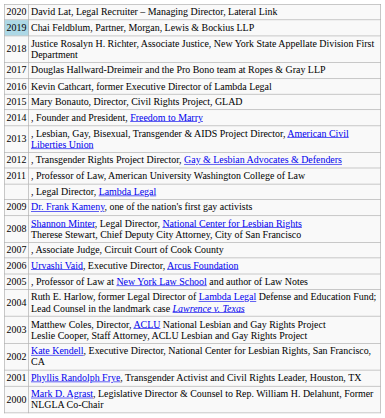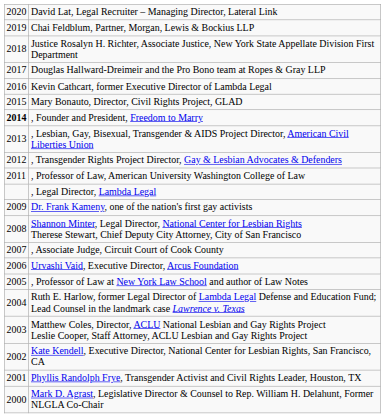 <table class="wikitable">
 <tr>
 <td>2020</td>
 <td>David Lat, Legal Recruiter – Managing Director, Lateral Link</td>
 </tr>
 <tr>
-<td style="background: lightblue;">2019</td>
+<td>2019</td>
 <td>Chai Feldblum, Partner, Morgan, Lewis & Bockius LLP</td>
 </tr>
 <tr>
 <td>2018</td>
 <td>Justice Rosalyn H. Richter, Associate Justice, New York State Appellate Division First Department</td>
 </tr>
 <tr>
 <td>2017</td>
 <td>Douglas Hallward-Dreimeir and the Pro Bono team at Ropes & Gray LLP</td>
 </tr>
 <tr>
 <td>2016</td>
 <td>Kevin Cathcart, former Executive Director of Lambda Legal</td>
 </tr>
 <tr>
 <td>2015</td>
 <td>Mary Bonauto, Director, Civil Rights Project, GLAD</td>
 </tr>
 <tr>
-<td>2014</td>
+<td><strong>2014</strong></td>
 <td>, Founder and President, <a href='#'>Freedom to Marry</a></td>
 </tr>
 <tr>
 <td>2013</td>
 <td>, Lesbian, Gay, Bisexual, Transgender & AIDS Project Director, <a href='#'>American Civil Liberties Union</a></td>
 </tr>
 <tr>
 <td>2012</td>
 <td>, Transgender Rights Project Director, <a href='#'>Gay & Lesbian Advocates & Defenders</a></td>
 </tr>
 <tr>
 <td>2011</td>
 <td>, Professor of Law, American University Washington College of Law</td>
 </tr>
 <tr>
 <td></td>
 <td>, Legal Director, <a href='#'>Lambda Legal</a></td>
 </tr>
 <tr>
 <td>2009</td>
 <td><a href='#'>Dr. Frank Kameny</a>, one of the nation's first gay activists</td>
 </tr>
 <tr>
 <td>2008</td>
 <td><a href='#'>Shannon Minter</a>, Legal Director, <a href='#'>National Center for Lesbian Rights</a><br>Therese Stewart, Chief Deputy City Attorney, City of San Francisco</td>
 </tr>
 <tr>
 <td>2007</td>
 <td>, Associate Judge, Circuit Court of Cook County</td>
 </tr>
 <tr>
 <td>2006</td>
 <td><a href='#'>Urvashi Vaid</a>, Executive Director, <a href='#'>Arcus Foundation</a></td>
 </tr>
 <tr>
 <td>2005</td>
 <td>, Professor of Law at <a href='#'>New York Law School</a> and author of Law Notes</td>
 </tr>
 <tr>
 <td>2004</td>
 <td>Ruth E. Harlow, former Legal Director of <a href='#'>Lambda Legal</a> Defense and Education Fund; Lead Counsel in the landmark case <em><a href='#'>Lawrence v. Texas</a></em></td>
 </tr>
 <tr>
 <td>2003</td>
 <td>Matthew Coles, Director, <a href='#'>ACLU</a> National Lesbian and Gay Rights Project<br>Leslie Cooper, Staff Attorney, ACLU Lesbian and Gay Rights Project</td>
 </tr>
 <tr>
 <td>2002</td>
 <td><a href='#'>Kate Kendell</a>, Executive Director, National Center for Lesbian Rights, San Francisco, CA</td>
 </tr>
 <tr>
 <td>2001</td>
 <td><a href='#'>Phyllis Randolph Frye</a>, Transgender Activist and Civil Rights Leader, Houston, TX</td>
 </tr>
 <tr>
 <td>2000</td>
 <td><a href='#'>Mark D. Agrast</a>, Legislative Director & Counsel to Rep. William H. Delahunt, Former NLGLA Co-Chair</td>
 </tr>
 </table>
